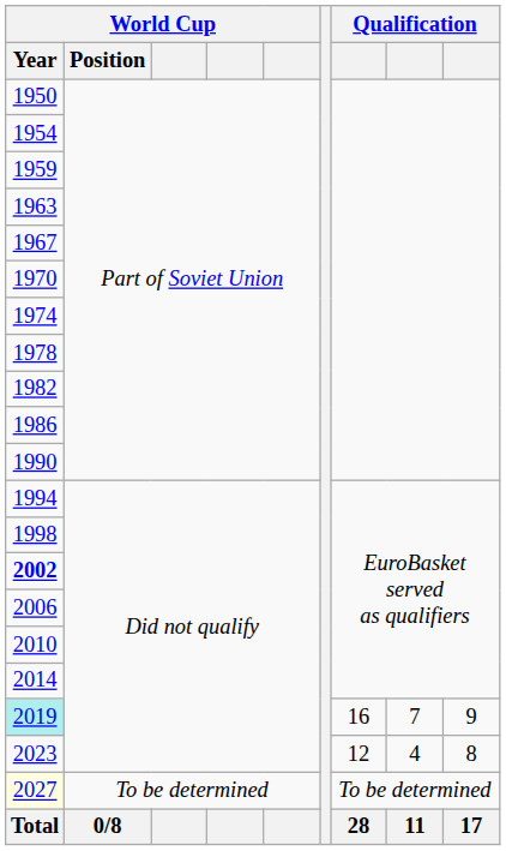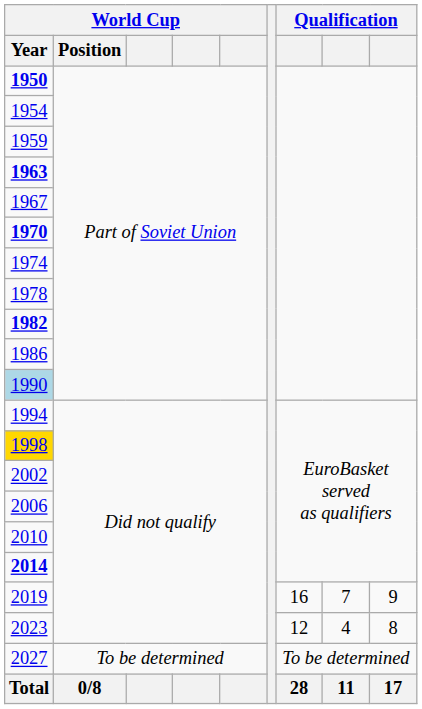 <table class="wikitable" style="text-align: center;font-size:90%;">
 <tr>
 <th colspan=5><a href='#'>World Cup</a></th>
 <th rowspan=23></th>
 <th colspan=3><a href='#'>Qualification</a></th>
 </tr>
 <tr>
 <th>Year</th>
 <th>Position</th>
 <th width=30></th>
 <th width=30></th>
 <th width=30></th>
 <th width=30></th>
 <th width=30></th>
 <th width=30></th>
 </tr>
 <tr>
-<td> <a href='#'>1950</a></td>
+<td><strong> <a href='#'>1950</a></strong></td>
 <td colspan=4 rowspan=11><em>Part of <a href='#'>Soviet Union</a></em></td>
 <td colspan=3 rowspan=11></td>
 </tr>
 <tr>
 <td> <a href='#'>1954</a></td>
 </tr>
 <tr>
 <td> <a href='#'>1959</a></td>
 </tr>
 <tr>
-<td> <a href='#'>1963</a></td>
+<td><strong> <a href='#'>1963</a></strong></td>
 </tr>
 <tr>
 <td> <a href='#'>1967</a></td>
 </tr>
 <tr>
-<td> <a href='#'>1970</a></td>
+<td><strong> <a href='#'>1970</a></strong></td>
 </tr>
 <tr>
 <td> <a href='#'>1974</a></td>
 </tr>
 <tr>
 <td> <a href='#'>1978</a></td>
 </tr>
 <tr>
-<td> <a href='#'>1982</a></td>
+<td><strong> <a href='#'>1982</a></strong></td>
 </tr>
 <tr>
 <td> <a href='#'>1986</a></td>
 </tr>
 <tr>
-<td> <a href='#'>1990</a></td>
+<td style="background: lightblue;"> <a href='#'>1990</a></td>
 </tr>
 <tr>
 <td> <a href='#'>1994</a></td>
 <td colspan=4 rowspan=8><em>Did not qualify</em></td>
 <td colspan=3 rowspan=6><em>EuroBasket served<br>as qualifiers</em></td>
 </tr>
 <tr>
-<td> <a href='#'>1998</a></td>
+<td style="background: gold;"> <a href='#'>1998</a></td>
 </tr>
 <tr>
-<td><strong> <a href='#'>2002</a></strong></td>
+<td> <a href='#'>2002</a></td>
 </tr>
 <tr>
 <td> <a href='#'>2006</a></td>
 </tr>
 <tr>
 <td> <a href='#'>2010</a></td>
 </tr>
 <tr>
-<td> <a href='#'>2014</a></td>
+<td><strong> <a href='#'>2014</a></strong></td>
 </tr>
 <tr>
-<td style="background: paleturquoise;"> <a href='#'>2019</a></td>
+<td> <a href='#'>2019</a></td>
 <td>16</td>
 <td>7</td>
 <td>9</td>
 </tr>
 <tr>
 <td> <a href='#'>2023</a></td>
 <td>12</td>
 <td>4</td>
 <td>8</td>
 </tr>
 <tr>
-<td style="background: lightyellow;"> <a href='#'>2027</a></td>
+<td> <a href='#'>2027</a></td>
 <td colspan=4><em>To be determined</em></td>
 <td colspan=3><em>To be determined</em></td>
 </tr>
 <tr>
 <th>Total</th>
 <th>0/8</th>
 <th></th>
 <th></th>
 <th></th>
 <th>28</th>
 <th>11</th>
 <th>17</th>
 </tr>
 </table>
